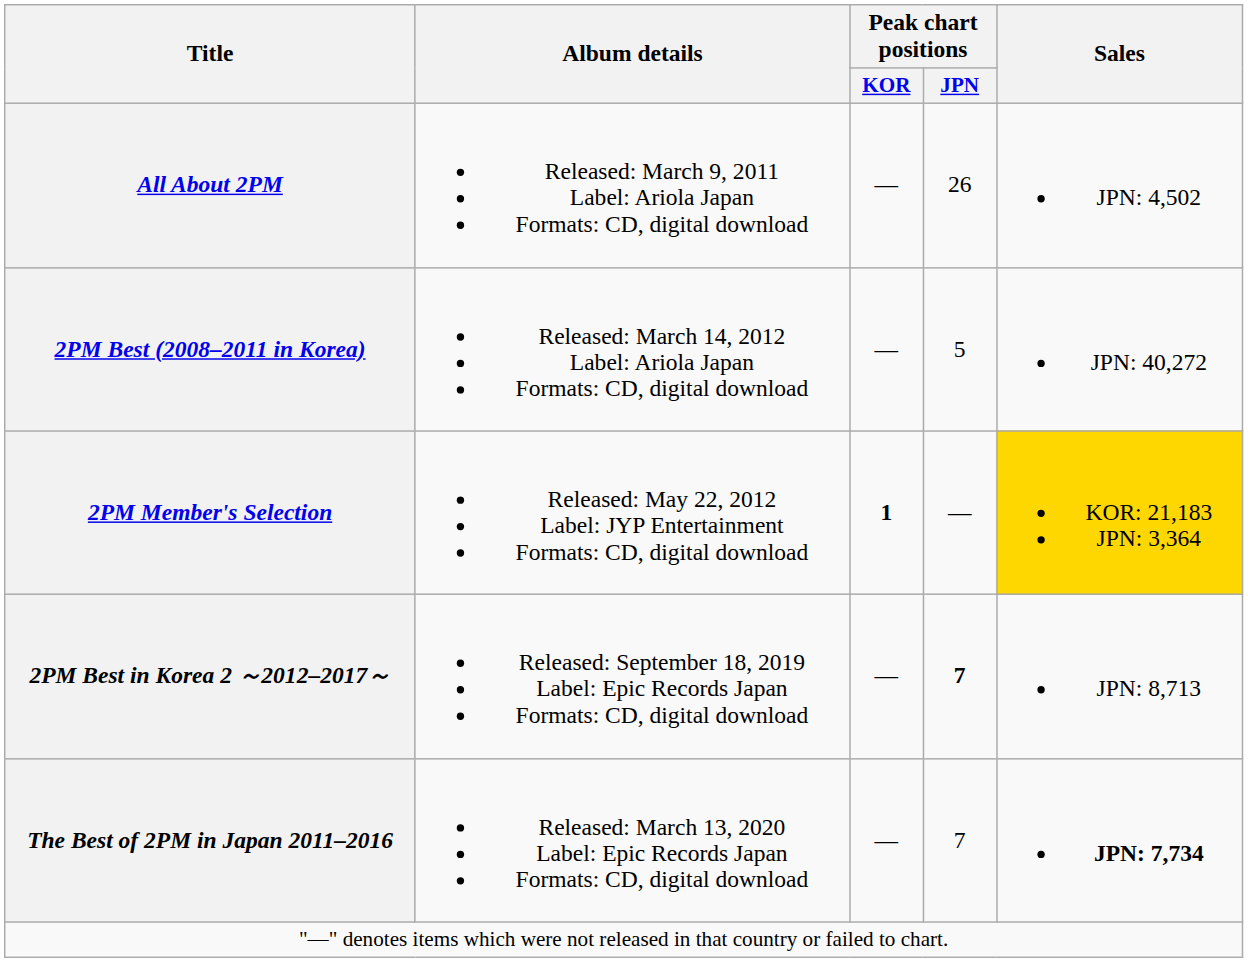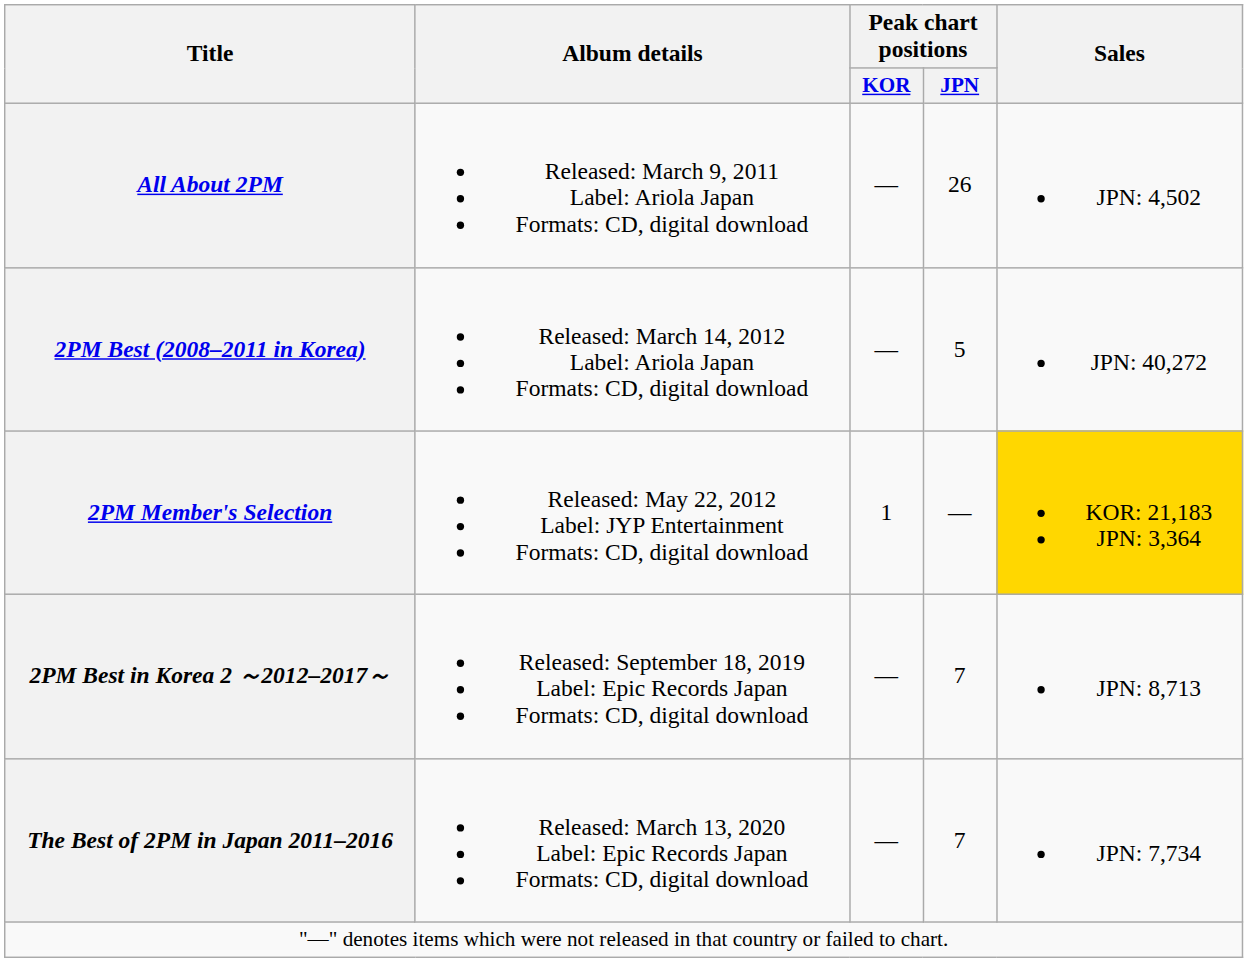 <table class="wikitable plainrowheaders" style="text-align:center;">
 <tr>
 <th rowspan="2" style="width:17em;">Title</th>
 <th rowspan="2" style="width:18em;">Album details</th>
 <th colspan="2">Peak chart positions</th>
 <th rowspan="2" style="width:10em;">Sales</th>
 </tr>
 <tr>
 <th scope="col" style="width:3em;font-size:90%;"><a href='#'>KOR</a><br></th>
 <th scope="col" style="width:3em;font-size:90%;"><a href='#'>JPN</a><br></th>
 </tr>
 <tr>
 <th scope="row"><em><a href='#'>All About 2PM</a></em></th>
 <td><br><ul><li>Released: March 9, 2011 </li><li>Label: Ariola Japan</li><li>Formats: CD, digital download</li></ul></td>
 <td>—</td>
 <td>26</td>
 <td><br><ul><li>JPN: 4,502</li></ul></td>
 </tr>
 <tr>
 <th scope="row"><em><a href='#'>2PM Best (2008–2011 in Korea)</a></em></th>
 <td><br><ul><li>Released: March 14, 2012 </li><li>Label: Ariola Japan</li><li>Formats: CD, digital download</li></ul></td>
 <td align="center">—</td>
 <td align="center">5</td>
 <td><br><ul><li>JPN: 40,272</li></ul></td>
 </tr>
 <tr>
 <th scope="row"><em><a href='#'>2PM Member's Selection</a></em></th>
 <td><br><ul><li>Released: May 22, 2012 </li><li>Label: JYP Entertainment</li><li>Formats: CD, digital download</li></ul></td>
-<td><strong>1</strong></td>
+<td>1</td>
 <td>—</td>
 <td style="background: gold;"><br><ul><li>KOR: 21,183</li><li>JPN: 3,364</li></ul></td>
 </tr>
 <tr>
 <th scope="row"><em>2PM Best in Korea 2 ～2012–2017～</em></th>
 <td><br><ul><li>Released: September 18, 2019 </li><li>Label: Epic Records Japan</li><li>Formats: CD, digital download</li></ul></td>
 <td>—</td>
-<td><strong>7</strong></td>
+<td>7</td>
 <td><br><ul><li>JPN: 8,713</li></ul></td>
 </tr>
 <tr>
 <th scope="row"><em>The Best of 2PM in Japan 2011–2016</em></th>
 <td><br><ul><li>Released: March 13, 2020 </li><li>Label: Epic Records Japan</li><li>Formats: CD, digital download</li></ul></td>
 <td>—</td>
 <td>7</td>
-<td><strong><br><ul><li>JPN: 7,734</li></ul></strong></td>
+<td><br><ul><li>JPN: 7,734</li></ul></td>
 </tr>
 <tr>
 <td colspan="5" style="font-size:90%">"—" denotes items which were not released in that country or failed to chart.</td>
 </tr>
 </table>
